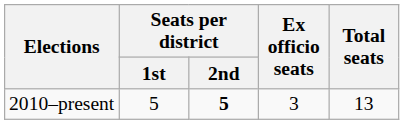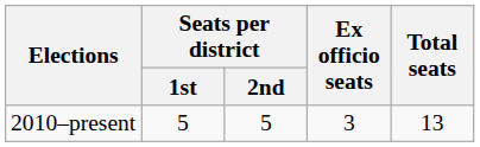 <table class="wikitable" style="text-align:center">
 <tr>
 <th rowspan="2">Elections</th>
 <th colspan="2">Seats per district</th>
 <th rowspan="2" width="50px">Ex officio seats</th>
 <th rowspan="2" width="50px">Total seats</th>
 </tr>
 <tr>
 <th width="50px">1st</th>
 <th width="50px">2nd</th>
 </tr>
 <tr>
 <td>2010–present</td>
 <td>5</td>
-<td><strong>5</strong></td>
+<td>5</td>
 <td>3</td>
 <td>13</td>
 </tr>
 </table>
